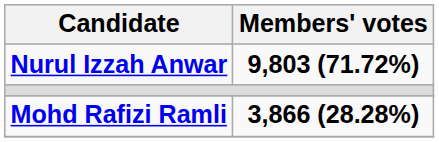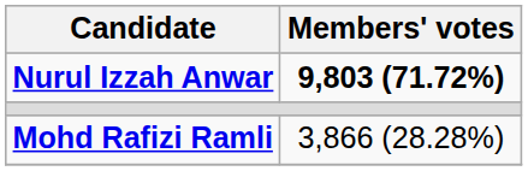 <table class=wikitable style=text-align:center>
 <tr>
 <th>Candidate</th>
 <th>Members' votes</th>
 </tr>
 <tr>
 <td align="left"><a href='#'><strong>Nurul Izzah Anwar</strong></a></td>
 <td><strong>9,803 (71.72%)</strong></td>
 </tr>
 <tr>
 <td colspan="2" bgcolor="dcdcdc"></td>
 </tr>
 <tr>
 <td align="left"><strong><a href='#'>Mohd Rafizi Ramli</a></strong></td>
-<td><strong>3,866 (28.28%)</strong></td>
+<td>3,866 (28.28%)</td>
 </tr>
 <tr>
 </tr>
 </table>
